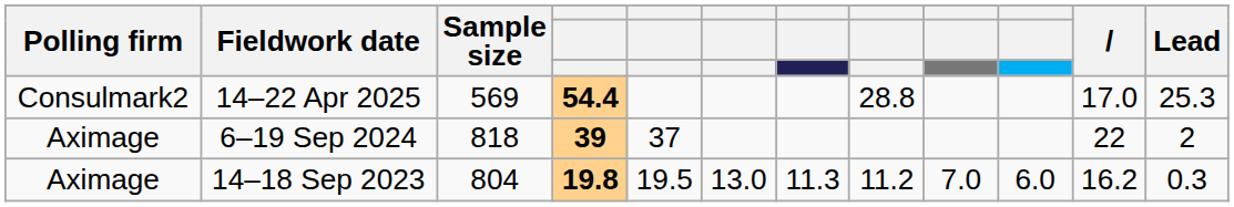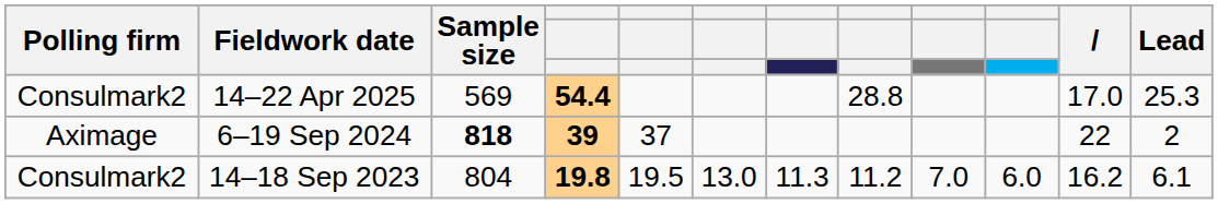 <table class="wikitable unsortable" style="text-align:center;font-size:90%;line-height:14px;">
 <tr>
 <th rowspan="3" style="width:90px;">Polling firm</th>
 <th rowspan="3" style="width:110px;">Fieldwork date</th>
 <th rowspan="3">Sample<br>size</th>
 <th></th>
 <th></th>
 <th></th>
 <th></th>
 <th></th>
 <th></th>
 <th></th>
 <th class="unsortable" style="width:30px;" rowspan="3">/</th>
 <th rowspan="3">Lead</th>
 </tr>
 <tr style="height:20px;">
 <th class="unsortable" style="width:30px;"></th>
 <th class="unsortable" style="width:30px;"></th>
 <th class="unsortable" style="width:30px;"></th>
 <th class="unsortable" style="width:30px;"></th>
 <th class="unsortable" style="width:30px;"></th>
 <th class="unsortable" style="width:30px;"></th>
 <th class="unsortable" style="width:30px;"></th>
 </tr>
 <tr>
 <th style="background:"></th>
 <th style="background:"></th>
 <th style="background:"></th>
 <th style="background:#202056;"></th>
 <th style="background:"></th>
 <th style="background:#777777;"></th>
 <th style="background:#00ADEF;"></th>
 </tr>
 <tr>
 <td>Consulmark2</td>
 <td>14–22 Apr 2025</td>
 <td>569</td>
 <td style="background:#FFD18D"><strong>54.4</strong></td>
 <td></td>
 <td></td>
 <td></td>
 <td>28.8</td>
 <td></td>
 <td></td>
 <td>17.0</td>
 <td style="background:">25.3</td>
 </tr>
 <tr>
 <td style="text-align:center;">Aximage</td>
 <td style="text-align:center;">6–19 Sep 2024</td>
-<td align="center">818</td>
+<td align="center"><strong>818</strong></td>
 <td style="background:#FFD18D"><strong>39</strong></td>
 <td style="text-align:center;">37</td>
 <td></td>
 <td></td>
 <td></td>
 <td></td>
 <td></td>
 <td style="text-align:center;">22</td>
 <td style="background:">2</td>
 </tr>
 <tr>
-<td style="text-align:center;">Aximage</td>
+<td>Consulmark2</td>
 <td style="text-align:center;">14–18 Sep 2023</td>
 <td align="center">804</td>
 <td style="background:#FFD18D"><strong>19.8</strong></td>
 <td style="text-align:center;">19.5</td>
 <td style="text-align:center;">13.0</td>
 <td style="text-align:center;">11.3</td>
 <td style="text-align:center;">11.2</td>
 <td style="text-align:center;">7.0</td>
 <td style="text-align:center;">6.0</td>
 <td style="text-align:center;">16.2</td>
-<td style="background:">0.3</td>
+<td style="background:">6.1</td>
 </tr>
 </table>
